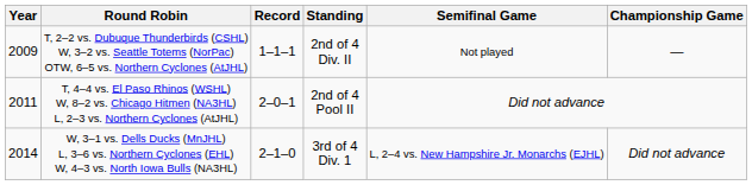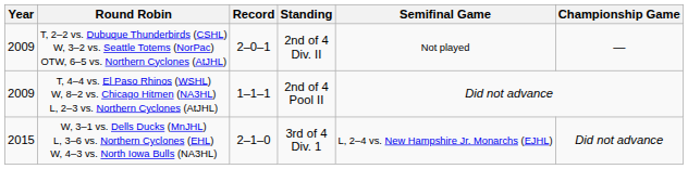 <table class="wikitable" style="text-align:center">
 <tr>
 <th>Year</th>
 <th>Round Robin</th>
 <th>Record</th>
 <th>Standing</th>
 <th>Semifinal Game</th>
 <th>Championship Game</th>
 </tr>
 <tr>
 <td>2009</td>
 <td><small>T, 2–2 vs. <a href='#'>Dubuque Thunderbirds</a> (<a href='#'>CSHL</a>)<br>W, 3–2 vs. <a href='#'>Seattle Totems</a> (<a href='#'>NorPac</a>)<br>OTW, 6–5 vs. <a href='#'>Northern Cyclones</a> (<a href='#'>AtJHL</a>)</small></td>
-<td>1–1–1</td>
+<td>2–0–1</td>
 <td>2nd of 4<br>Div. II</td>
 <td><small>Not played</small></td>
 <td>—</td>
 </tr>
 <tr>
-<td>2011</td>
+<td>2009</td>
 <td><small>T, 4–4 vs. <a href='#'>El Paso Rhinos</a> (<a href='#'>WSHL</a>)<br>W, 8–2 vs. <a href='#'>Chicago Hitmen</a> (<a href='#'>NA3HL</a>)<br>L, 2–3 vs. <a href='#'>Northern Cyclones</a> (AtJHL)</small></td>
-<td>2–0–1</td>
+<td>1–1–1</td>
 <td>2nd of 4<br>Pool II</td>
 <td colspan=2><em>Did not advance</em></td>
 </tr>
 <tr>
-<td>2014</td>
+<td>2015</td>
 <td><small>W, 3–1 vs. <a href='#'>Dells Ducks</a> (<a href='#'>MnJHL</a>)<br>L, 3–6 vs. <a href='#'>Northern Cyclones</a> (<a href='#'>EHL</a>)<br>W, 4–3 vs. <a href='#'>North Iowa Bulls</a> (NA3HL)</small></td>
 <td>2–1–0</td>
 <td>3rd of 4<br>Div. 1</td>
 <td><small>L, 2–4 vs. <a href='#'>New Hampshire Jr. Monarchs</a> (<a href='#'>EJHL</a>)</small></td>
 <td><em>Did not advance</em></td>
 </tr>
 </table>
